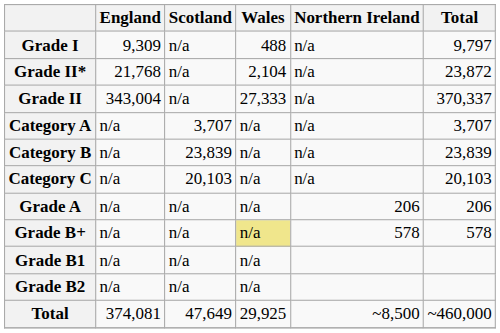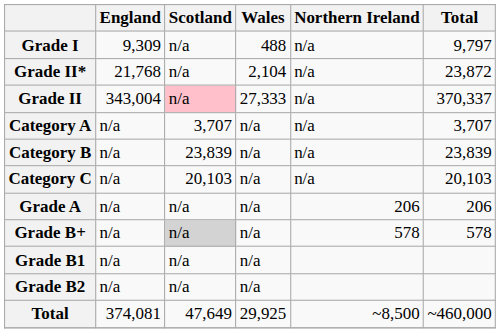 <table class="wikitable">
 <tr>
 </tr>
 <tr>
 <th></th>
 <th>England</th>
 <th>Scotland</th>
 <th>Wales</th>
 <th>Northern Ireland</th>
 <th>Total</th>
 </tr>
 <tr ->
 <th>Grade I</th>
 <td style="text-align: right;">9,309</td>
 <td>n/a</td>
 <td style="text-align: right;">488</td>
 <td>n/a</td>
 <td style="text-align: right;">9,797</td>
 </tr>
 <tr ->
 <th>Grade II*</th>
 <td style="text-align: right;">21,768</td>
 <td>n/a</td>
 <td style="text-align: right;">2,104</td>
 <td>n/a</td>
 <td style="text-align: right;">23,872</td>
 </tr>
 <tr ->
 <th>Grade II</th>
 <td style="text-align: right;">343,004</td>
-<td>n/a</td>
+<td style="background: pink;">n/a</td>
 <td style="text-align: right;">27,333</td>
 <td>n/a</td>
 <td style="text-align: right;">370,337</td>
 </tr>
 <tr ->
 <th>Category A</th>
 <td>n/a</td>
 <td style="text-align: right;">3,707</td>
 <td>n/a</td>
 <td>n/a</td>
 <td style="text-align: right;">3,707</td>
 </tr>
 <tr ->
 <th>Category B</th>
 <td>n/a</td>
 <td style="text-align: right;">23,839</td>
 <td>n/a</td>
 <td>n/a</td>
 <td style="text-align: right;">23,839</td>
 </tr>
 <tr ->
 <th>Category C</th>
 <td>n/a</td>
 <td style="text-align: right;">20,103</td>
 <td>n/a</td>
 <td>n/a</td>
 <td style="text-align: right;">20,103</td>
 </tr>
 <tr ->
 <th>Grade A</th>
 <td>n/a</td>
 <td>n/a</td>
 <td>n/a</td>
 <td style="text-align: right;">206</td>
 <td style="text-align: right;">206</td>
 </tr>
 <tr>
 <th>Grade B+</th>
 <td>n/a</td>
+<td style="background: lightgrey;">n/a</td>
 <td>n/a</td>
-<td style="background: khaki;">n/a</td>
 <td style="text-align: right;">578</td>
 <td style="text-align: right;">578</td>
 </tr>
 <tr>
 <th>Grade B1</th>
 <td>n/a</td>
 <td>n/a</td>
 <td>n/a</td>
 <td></td>
 <td></td>
 </tr>
 <tr ->
 <th>Grade B2</th>
 <td>n/a</td>
 <td>n/a</td>
 <td>n/a</td>
 <td></td>
 <td></td>
 </tr>
 <tr ->
 <th>Total</th>
 <td style="text-align: right;">374,081</td>
 <td style="text-align: right;">47,649</td>
 <td style="text-align: right;">29,925</td>
 <td style="text-align: right;">~8,500</td>
 <td style="text-align: right;">~460,000</td>
 </tr>
 <tr ->
 </tr>
 </table>
